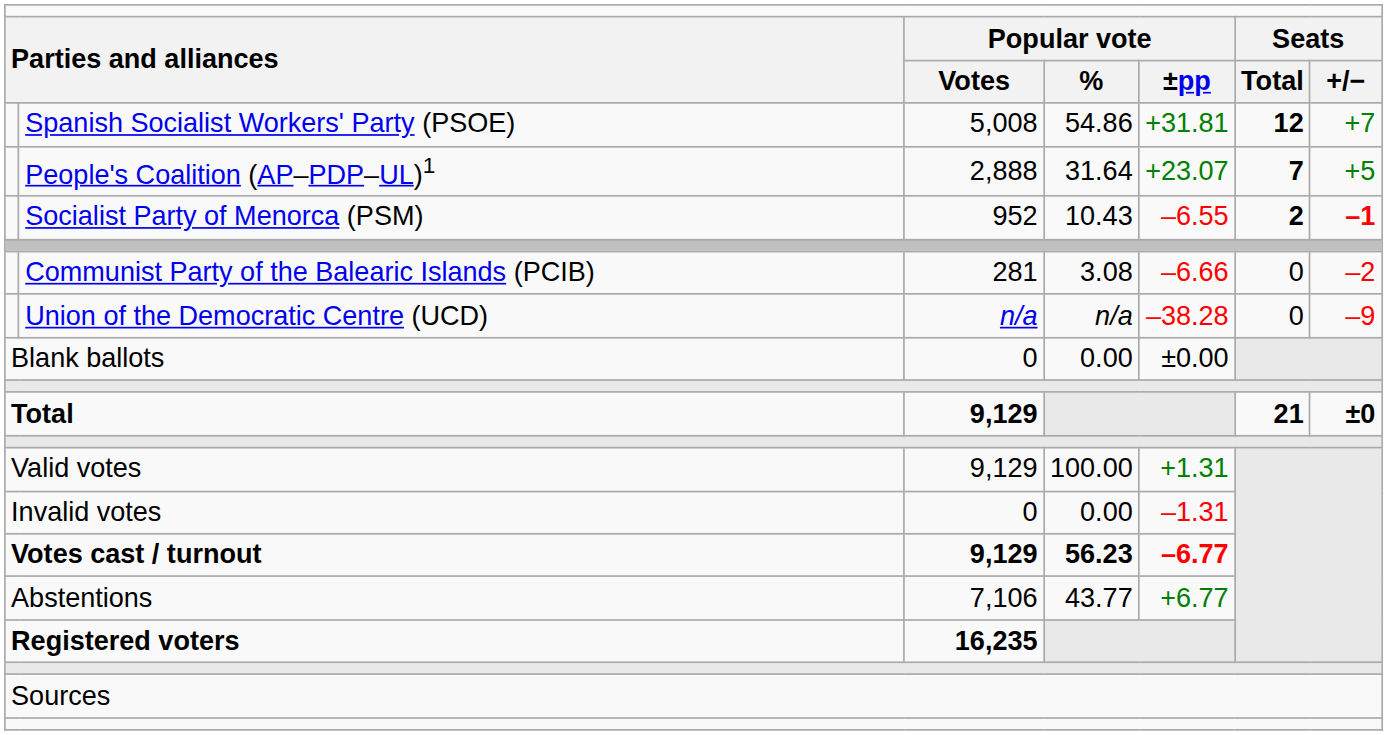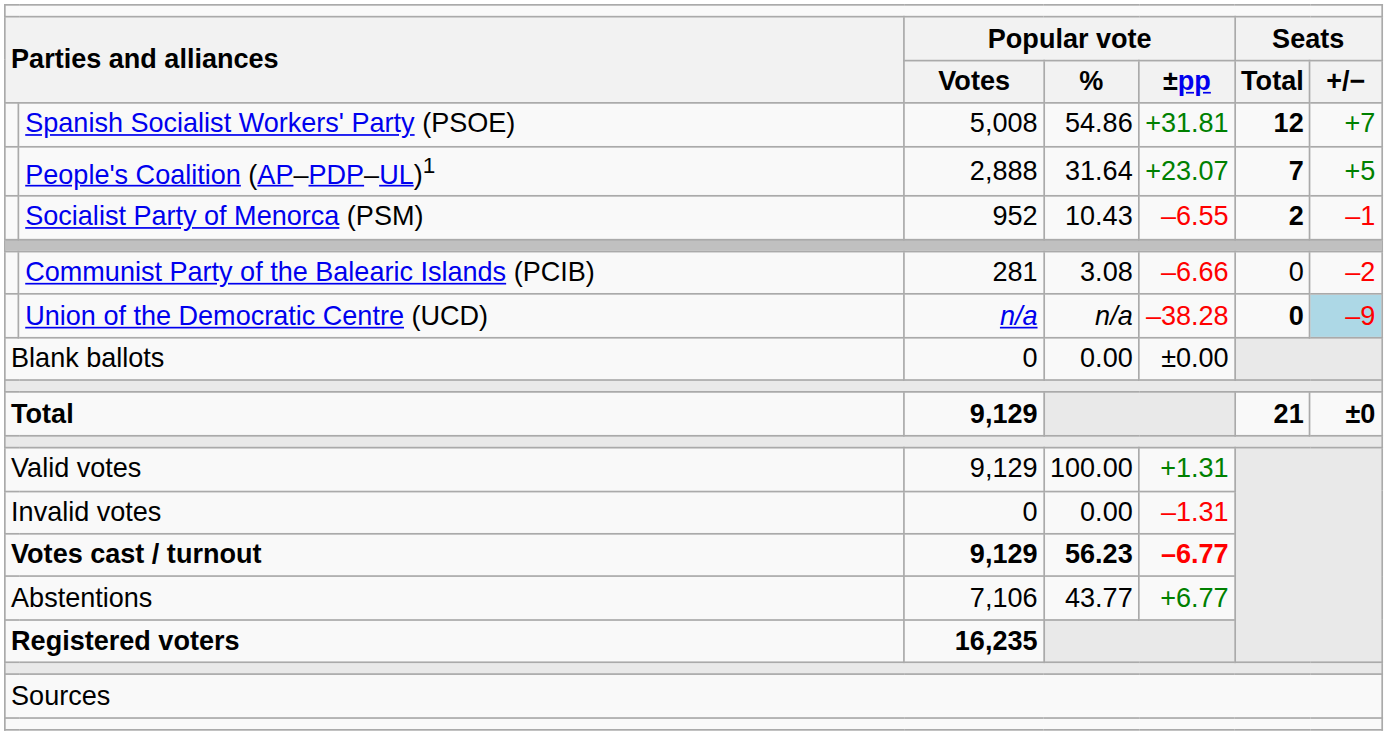 <table class="wikitable" style="text-align:right;">
 <tr>
 <td colspan="7"></td>
 </tr>
 <tr>
 <th style="text-align:left;" rowspan="2" colspan="2" width="525">Parties and alliances</th>
 <th colspan="3">Popular vote</th>
 <th colspan="2">Seats</th>
 </tr>
 <tr>
 <th width="75">Votes</th>
 <th width="45">%</th>
 <th width="45">±<a href='#'>pp</a></th>
 <th width="35">Total</th>
 <th width="35">+/−</th>
 </tr>
 <tr>
 <td width="1" style="color:inherit;background:"></td>
 <td align="left"><a href='#'>Spanish Socialist Workers' Party</a> (PSOE)</td>
 <td>5,008</td>
 <td>54.86</td>
 <td style="color:green;">+31.81</td>
 <td><strong>12</strong></td>
 <td style="color:green;">+7</td>
 </tr>
 <tr>
 <td style="color:inherit;background:"></td>
 <td align="left"><a href='#'>People's Coalition</a> (<a href='#'>AP</a>–<a href='#'>PDP</a>–<a href='#'>UL</a>)<sup>1</sup></td>
 <td>2,888</td>
 <td>31.64</td>
 <td style="color:green;">+23.07</td>
 <td><strong>7</strong></td>
 <td style="color:green;">+5</td>
 </tr>
 <tr>
 <td style="color:inherit;background:"></td>
 <td align="left"><a href='#'>Socialist Party of Menorca</a> (PSM)</td>
 <td>952</td>
 <td>10.43</td>
 <td style="color:red;">–6.55</td>
 <td><strong>2</strong></td>
-<td style="color:red;"><strong>–1</strong></td>
+<td style="color:red;">–1</td>
 </tr>
 <tr>
 <td colspan="7" bgcolor="#C0C0C0"></td>
 </tr>
 <tr>
 <td style="color:inherit;background:"></td>
 <td align="left"><a href='#'>Communist Party of the Balearic Islands</a> (PCIB)</td>
 <td>281</td>
 <td>3.08</td>
 <td style="color:red;">–6.66</td>
 <td>0</td>
 <td style="color:red;">–2</td>
 </tr>
 <tr>
 <td style="color:inherit;background:"></td>
 <td align="left"><a href='#'>Union of the Democratic Centre</a> (UCD)</td>
 <td><em><a href='#'>n/a</a></em></td>
 <td><em>n/a</em></td>
 <td style="color:red;">–38.28</td>
-<td>0</td>
-<td style="color:red;">–9</td>
+<td><strong>0</strong></td>
+<td style="background: lightblue; color:red;">–9</td>
 </tr>
 <tr>
 <td align="left" colspan="2">Blank ballots</td>
 <td>0</td>
 <td>0.00</td>
 <td>±0.00</td>
 <td bgcolor="#E9E9E9" colspan="2"></td>
 </tr>
 <tr>
 <td colspan="7" bgcolor="#E9E9E9"></td>
 </tr>
 <tr style="font-weight:bold;">
 <td align="left" colspan="2">Total</td>
 <td>9,129</td>
 <td bgcolor="#E9E9E9" colspan="2"></td>
 <td>21</td>
 <td>±0</td>
 </tr>
 <tr>
 <td colspan="7" bgcolor="#E9E9E9"></td>
 </tr>
 <tr>
 <td align="left" colspan="2">Valid votes</td>
 <td>9,129</td>
 <td>100.00</td>
 <td style="color:green;">+1.31</td>
 <td bgcolor="#E9E9E9" colspan="2" rowspan="5"></td>
 </tr>
 <tr>
 <td align="left" colspan="2">Invalid votes</td>
 <td>0</td>
 <td>0.00</td>
 <td style="color:red;">–1.31</td>
 </tr>
 <tr style="font-weight:bold;">
 <td align="left" colspan="2">Votes cast / turnout</td>
 <td>9,129</td>
 <td>56.23</td>
 <td style="color:red;">–6.77</td>
 </tr>
 <tr>
 <td align="left" colspan="2">Abstentions</td>
 <td>7,106</td>
 <td>43.77</td>
 <td style="color:green;">+6.77</td>
 </tr>
 <tr style="font-weight:bold;">
 <td align="left" colspan="2">Registered voters</td>
 <td>16,235</td>
 <td bgcolor="#E9E9E9" colspan="2"></td>
 </tr>
 <tr>
 <td colspan="7" bgcolor="#E9E9E9"></td>
 </tr>
 <tr>
 <td align="left" colspan="7">Sources</td>
 </tr>
 <tr>
 <td colspan="7" style="text-align:left; max-width:790px;"></td>
 </tr>
 </table>
